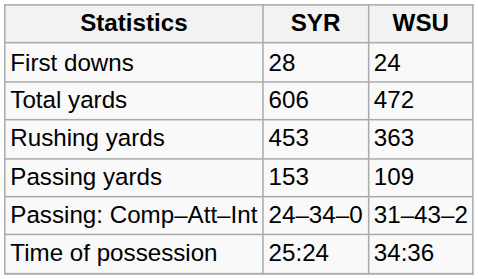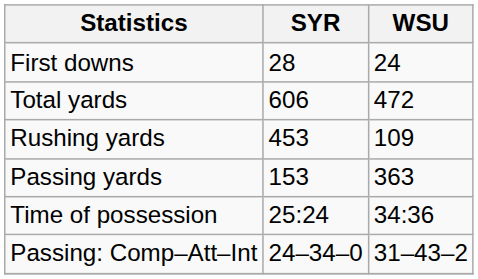 <table class="wikitable" style="float: left;">
 <tr>
 <th>Statistics</th>
 <th>SYR</th>
 <th>WSU</th>
 </tr>
 <tr>
 <td>First downs</td>
 <td>28</td>
 <td>24</td>
 </tr>
 <tr>
 <td>Total yards</td>
 <td>606</td>
 <td>472</td>
 </tr>
 <tr>
 <td>Rushing yards</td>
 <td>453</td>
-<td>363</td>
+<td>109</td>
 </tr>
 <tr>
 <td>Passing yards</td>
 <td>153</td>
-<td>109</td>
+<td>363</td>
+</tr>
+<tr>
+<td>Time of possession</td>
+<td>25:24</td>
+<td>34:36</td>
 </tr>
 <tr>
 <td>Passing: Comp–Att–Int</td>
 <td>24–34–0</td>
 <td>31–43–2</td>
 </tr>
 <tr>
-<td>Time of possession</td>
-<td>25:24</td>
-<td>34:36</td>
-</tr>
-<tr>
 </tr>
 </table>
